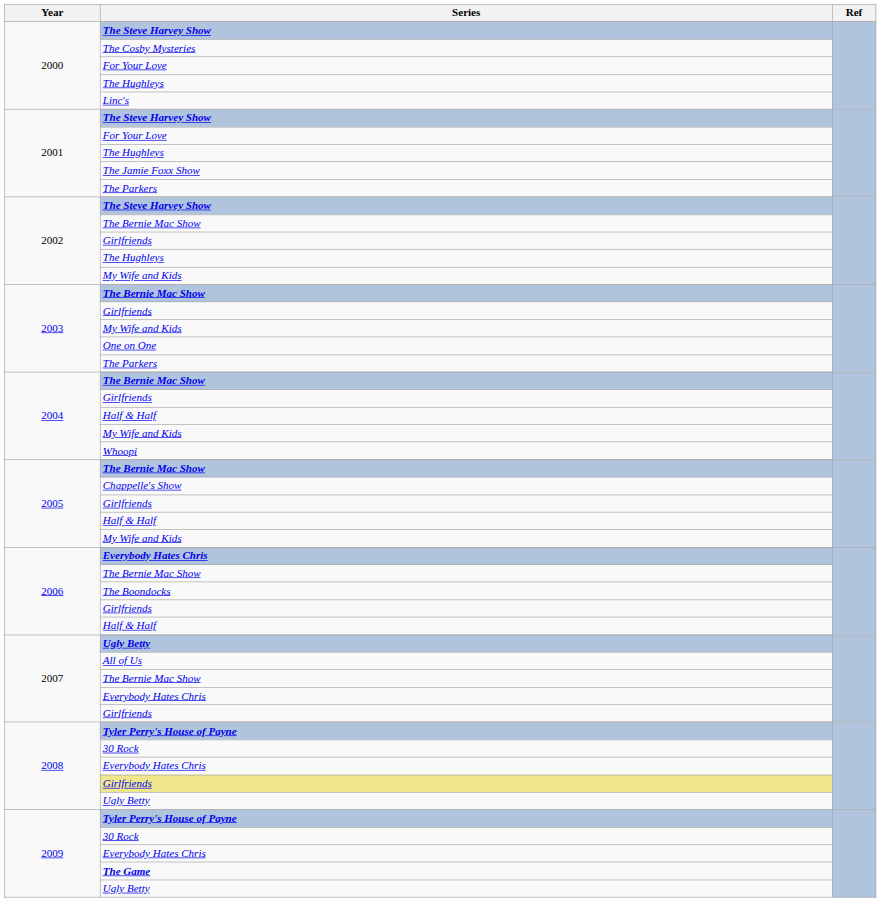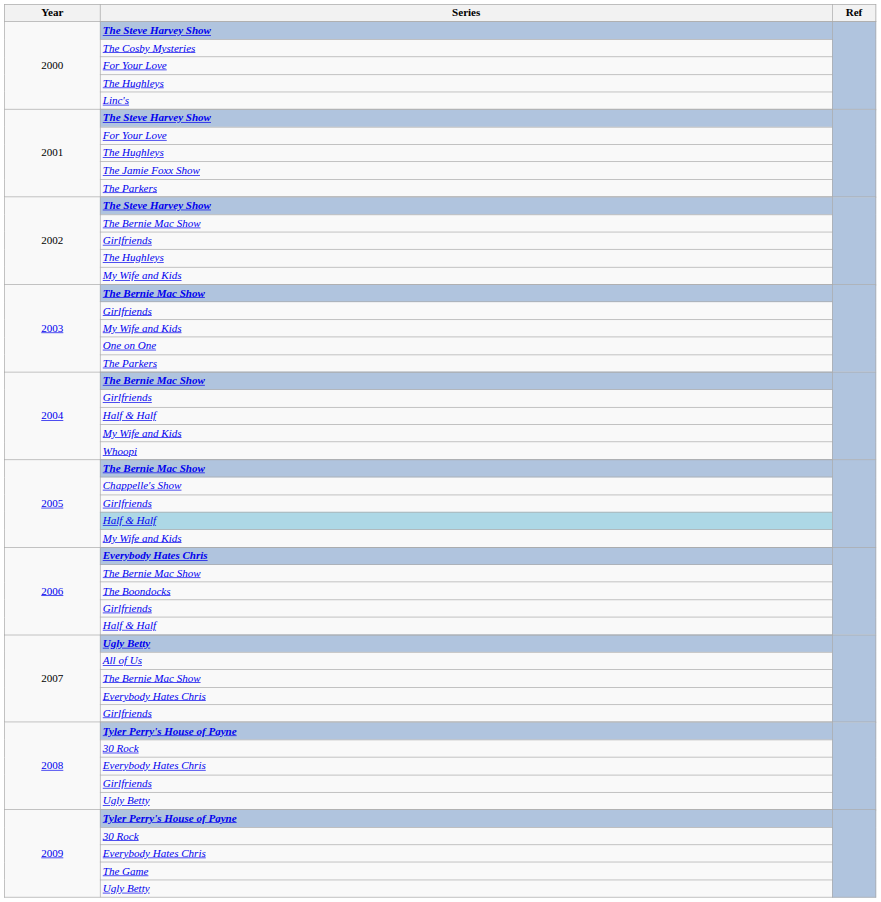 <table class="wikitable" style="width:100%;">
 <tr style="background:#bebebe;">
 <th style="width:11%;">Year</th>
 <th style="width:84%;">Series</th>
 <th style="width:5%;">Ref</th>
 </tr>
 <tr>
 <td rowspan="6" align="center">2000</td>
 </tr>
 <tr style="background:#B0C4DE">
 <td><strong><em><a href='#'>The Steve Harvey Show</a></em></strong></td>
 <td rowspan="6" align="center"></td>
 </tr>
 <tr>
 <td><em><a href='#'>The Cosby Mysteries</a></em></td>
 </tr>
 <tr>
 <td><em><a href='#'>For Your Love</a></em></td>
 </tr>
 <tr>
 <td><em><a href='#'>The Hughleys</a></em></td>
 </tr>
 <tr>
 <td><em><a href='#'>Linc's</a></em></td>
 </tr>
 <tr>
 <td rowspan="6" align="center">2001</td>
 </tr>
 <tr style="background:#B0C4DE">
 <td><strong><em><a href='#'>The Steve Harvey Show</a></em></strong></td>
 <td rowspan="6" align="center"></td>
 </tr>
 <tr>
 <td><em><a href='#'>For Your Love</a></em></td>
 </tr>
 <tr>
 <td><em><a href='#'>The Hughleys</a></em></td>
 </tr>
 <tr>
 <td><em><a href='#'>The Jamie Foxx Show</a></em></td>
 </tr>
 <tr>
 <td><em><a href='#'>The Parkers</a></em></td>
 </tr>
 <tr>
 <td rowspan="6" align="center">2002</td>
 </tr>
 <tr style="background:#B0C4DE">
 <td><strong><em><a href='#'>The Steve Harvey Show</a></em></strong></td>
 <td rowspan="6" align="center"></td>
 </tr>
 <tr>
 <td><em><a href='#'>The Bernie Mac Show</a></em></td>
 </tr>
 <tr>
 <td><em><a href='#'>Girlfriends</a></em></td>
 </tr>
 <tr>
 <td><em><a href='#'>The Hughleys</a></em></td>
 </tr>
 <tr>
 <td><em><a href='#'>My Wife and Kids</a></em></td>
 </tr>
 <tr>
 <td rowspan="6" align="center"><a href='#'>2003</a></td>
 </tr>
 <tr style="background:#B0C4DE">
 <td><strong><em><a href='#'>The Bernie Mac Show</a></em></strong></td>
 <td rowspan="6" align="center"></td>
 </tr>
 <tr>
 <td><em><a href='#'>Girlfriends</a></em></td>
 </tr>
 <tr>
 <td><em><a href='#'>My Wife and Kids</a></em></td>
 </tr>
 <tr>
 <td><em><a href='#'>One on One</a></em></td>
 </tr>
 <tr>
 <td><em><a href='#'>The Parkers</a></em></td>
 </tr>
 <tr>
 <td rowspan="6" align="center"><a href='#'>2004</a></td>
 </tr>
 <tr style="background:#B0C4DE">
 <td><strong><em><a href='#'>The Bernie Mac Show</a></em></strong></td>
 <td rowspan="6" align="center"></td>
 </tr>
 <tr>
 <td><em><a href='#'>Girlfriends</a></em></td>
 </tr>
 <tr>
 <td><em><a href='#'>Half & Half</a></em></td>
 </tr>
 <tr>
 <td><em><a href='#'>My Wife and Kids</a></em></td>
 </tr>
 <tr>
 <td><em><a href='#'>Whoopi</a></em></td>
 </tr>
 <tr>
 <td rowspan="6" align="center"><a href='#'>2005</a></td>
 </tr>
 <tr style="background:#B0C4DE">
 <td><strong><em><a href='#'>The Bernie Mac Show</a></em></strong></td>
 <td rowspan="6" align="center"></td>
 </tr>
 <tr>
 <td><em><a href='#'>Chappelle's Show</a></em></td>
 </tr>
 <tr>
 <td><em><a href='#'>Girlfriends</a></em></td>
 </tr>
 <tr>
-<td><em><a href='#'>Half & Half</a></em></td>
+<td style="background: lightblue;"><em><a href='#'>Half & Half</a></em></td>
 </tr>
 <tr>
 <td><em><a href='#'>My Wife and Kids</a></em></td>
 </tr>
 <tr>
 <td rowspan="6" align="center"><a href='#'>2006</a></td>
 </tr>
 <tr style="background:#B0C4DE">
 <td><strong><em><a href='#'>Everybody Hates Chris</a></em></strong></td>
 <td rowspan="6" align="center"></td>
 </tr>
 <tr>
 <td><em><a href='#'>The Bernie Mac Show</a></em></td>
 </tr>
 <tr>
 <td><em><a href='#'>The Boondocks</a></em></td>
 </tr>
 <tr>
 <td><em><a href='#'>Girlfriends</a></em></td>
 </tr>
 <tr>
 <td><em><a href='#'>Half & Half</a></em></td>
 </tr>
 <tr>
 <td rowspan="6" align="center">2007</td>
 </tr>
 <tr style="background:#B0C4DE">
 <td><strong><em><a href='#'>Ugly Betty</a></em></strong></td>
 <td rowspan="6" align="center"></td>
 </tr>
 <tr>
 <td><em><a href='#'>All of Us</a></em></td>
 </tr>
 <tr>
 <td><em><a href='#'>The Bernie Mac Show</a></em></td>
 </tr>
 <tr>
 <td><em><a href='#'>Everybody Hates Chris</a></em></td>
 </tr>
 <tr>
 <td><em><a href='#'>Girlfriends</a></em></td>
 </tr>
 <tr>
 <td rowspan="6" align="center"><a href='#'>2008</a></td>
 </tr>
 <tr style="background:#B0C4DE">
 <td><strong><em><a href='#'>Tyler Perry's House of Payne</a></em></strong></td>
 <td rowspan="6" align="center"></td>
 </tr>
 <tr>
 <td><em><a href='#'>30 Rock</a></em></td>
 </tr>
 <tr>
 <td><em><a href='#'>Everybody Hates Chris</a></em></td>
 </tr>
 <tr>
-<td style="background: khaki;"><em><a href='#'>Girlfriends</a></em></td>
+<td><em><a href='#'>Girlfriends</a></em></td>
 </tr>
 <tr>
 <td><em><a href='#'>Ugly Betty</a></em></td>
 </tr>
 <tr>
 <td rowspan="6" align="center"><a href='#'>2009</a></td>
 </tr>
 <tr style="background:#B0C4DE">
 <td><strong><em><a href='#'>Tyler Perry's House of Payne</a></em></strong></td>
 <td rowspan="6" align="center"></td>
 </tr>
 <tr>
 <td><em><a href='#'>30 Rock</a></em></td>
 </tr>
 <tr>
 <td><em><a href='#'>Everybody Hates Chris</a></em></td>
 </tr>
 <tr>
-<td><strong><em><a href='#'>The Game</a></em></strong></td>
+<td><em><a href='#'>The Game</a></em></td>
 </tr>
 <tr>
 <td><em><a href='#'>Ugly Betty</a></em></td>
 </tr>
 </table>
